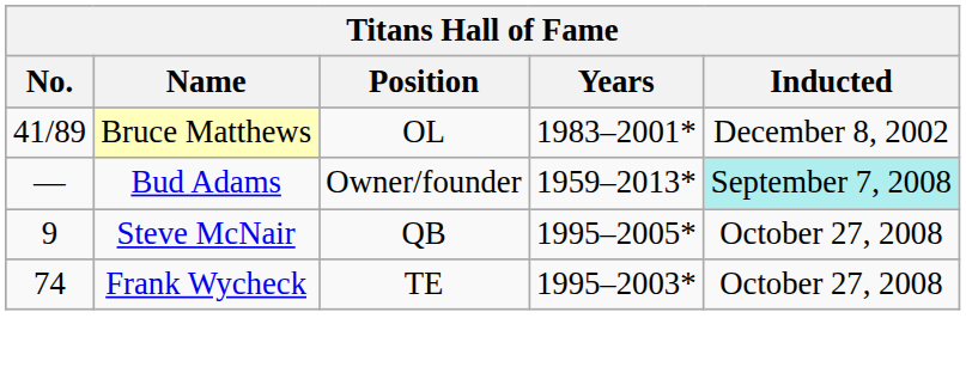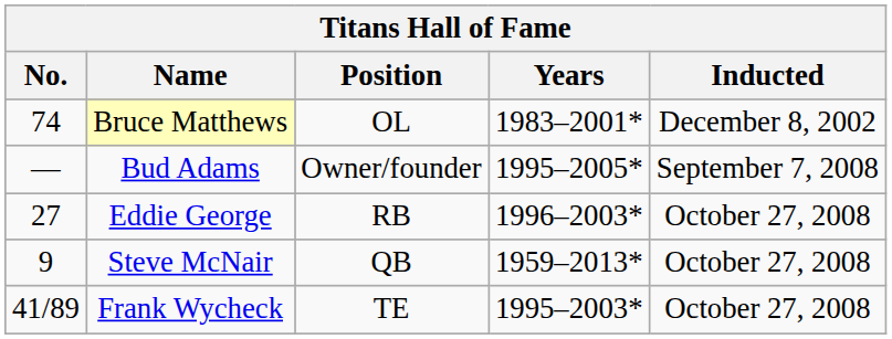 <table class="wikitable" style="text-align: center;">
 <tr>
 <th colspan="5">Titans Hall of Fame</th>
 </tr>
 <tr>
 <th>No.</th>
 <th>Name</th>
 <th>Position</th>
 <th>Years</th>
 <th>Inducted</th>
 </tr>
 <tr>
-<td>41/89</td>
+<td>74</td>
 <td style="background:#ffb">Bruce Matthews</td>
 <td>OL</td>
 <td>1983–2001*</td>
 <td>December 8, 2002</td>
 </tr>
 <tr>
 <td>—</td>
 <td><a href='#'>Bud Adams</a></td>
 <td>Owner/founder</td>
-<td>1959–2013*</td>
-<td style="background: paleturquoise;">September 7, 2008</td>
+<td>1995–2005*</td>
+<td>September 7, 2008</td>
+</tr>
+<tr>
+<td>27</td>
+<td><a href='#'>Eddie George</a></td>
+<td>RB</td>
+<td>1996–2003*</td>
+<td>October 27, 2008</td>
 </tr>
 <tr>
 <td>9</td>
 <td><a href='#'>Steve McNair</a></td>
 <td>QB</td>
-<td>1995–2005*</td>
+<td>1959–2013*</td>
 <td>October 27, 2008</td>
 </tr>
 <tr>
-<td>74</td>
+<td>41/89</td>
 <td><a href='#'>Frank Wycheck</a></td>
 <td>TE</td>
 <td>1995–2003*</td>
 <td>October 27, 2008</td>
 </tr>
 </table>
